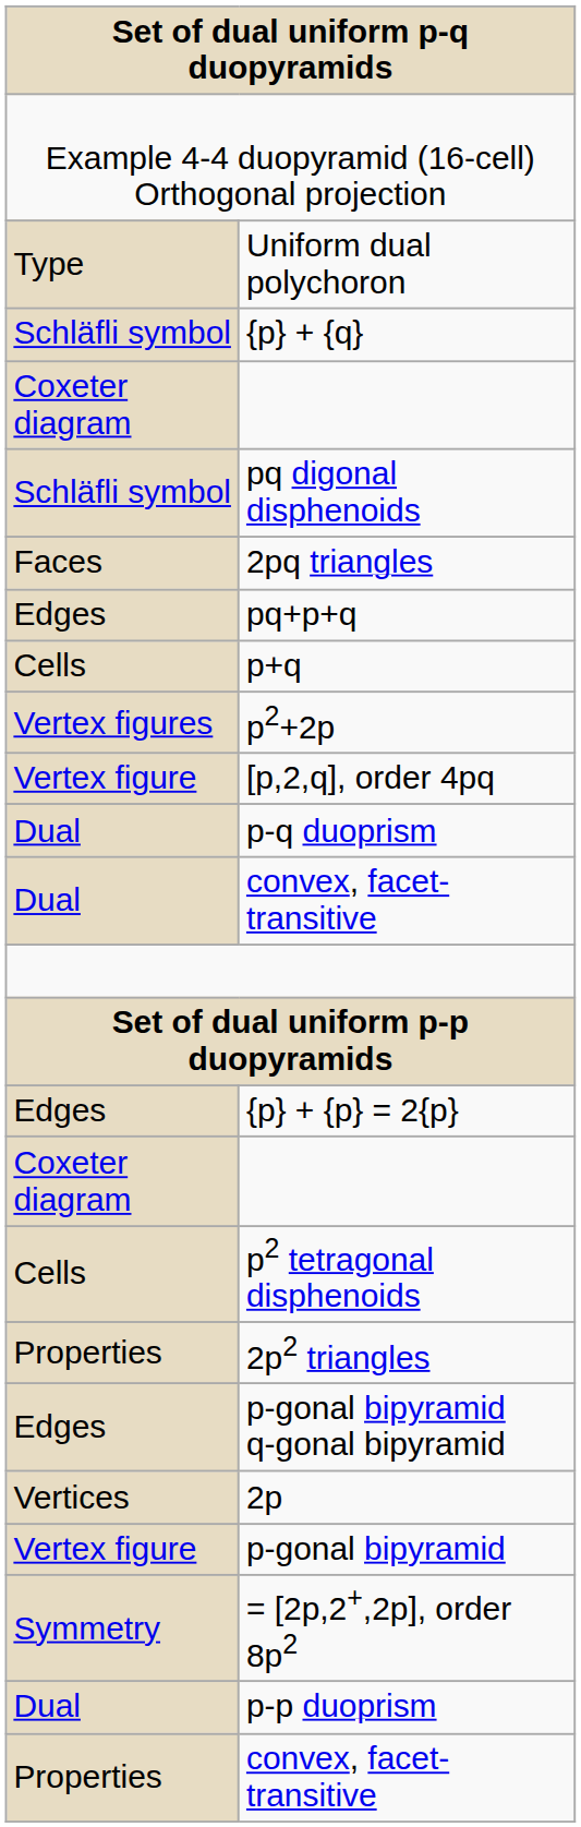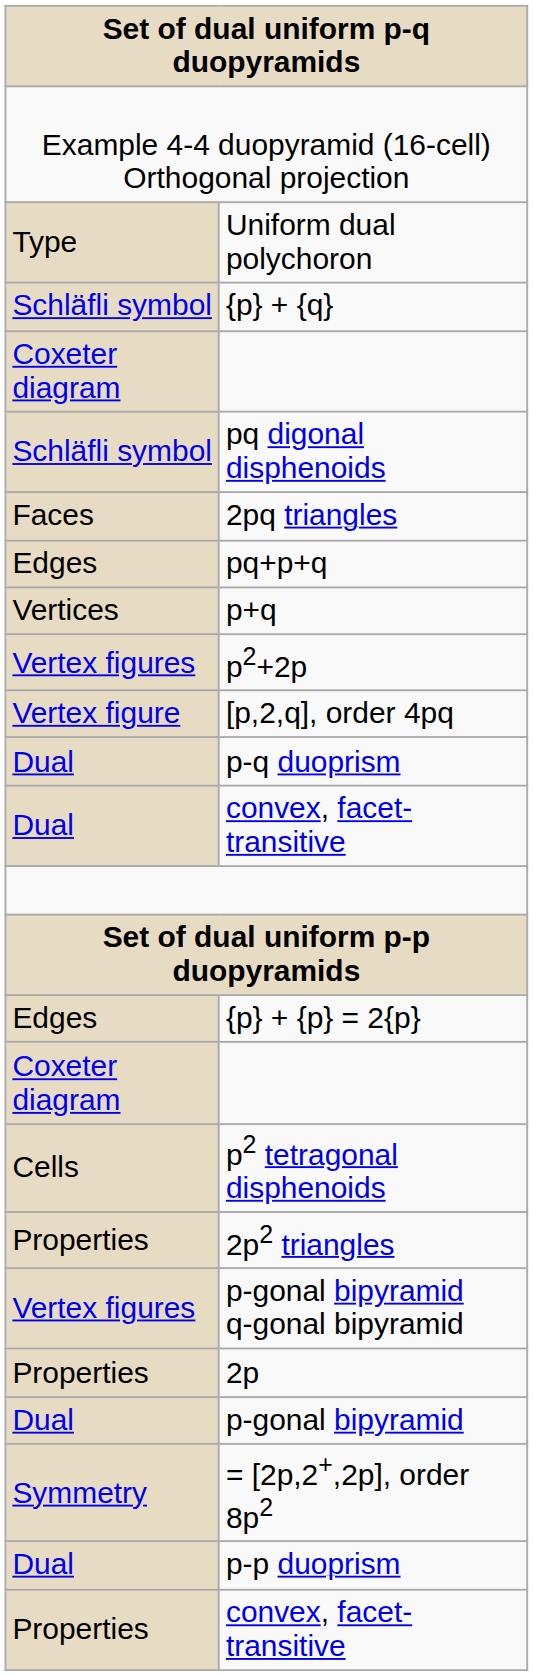 <table class="wikitable" align="right" style="margin-left:10px" width="280">
 <tr>
 <td bgcolor=#e7dcc3 colspan=2 align=center><strong>Set of dual uniform p-q duopyramids</strong></td>
 </tr>
 <tr>
 <td colspan=2 align=center><br>Example 4-4 duopyramid (16-cell)<br>Orthogonal projection</td>
 </tr>
 <tr>
 <td bgcolor=#e7dcc3>Type</td>
 <td>Uniform dual polychoron</td>
 </tr>
 <tr>
 <td bgcolor=#e7dcc3><a href='#'>Schläfli symbol</a></td>
 <td>{p} + {q}</td>
 </tr>
 <tr>
 <td bgcolor=#e7dcc3><a href='#'>Coxeter diagram</a></td>
 <td><br></td>
 </tr>
 <tr>
 <td bgcolor=#e7dcc3><a href='#'>Schläfli symbol</a></td>
 <td>pq <a href='#'>digonal disphenoids</a></td>
 </tr>
 <tr>
 <td bgcolor=#e7dcc3>Faces</td>
 <td>2pq <a href='#'>triangles</a></td>
 </tr>
 <tr>
 <td bgcolor=#e7dcc3>Edges</td>
 <td>pq+p+q</td>
 </tr>
 <tr>
-<td bgcolor=#e7dcc3>Cells</td>
+<td bgcolor=#e7dcc3>Vertices</td>
 <td>p+q</td>
 </tr>
 <tr>
 <td bgcolor=#e7dcc3><a href='#'>Vertex figures</a></td>
 <td>p<sup>2</sup>+2p</td>
 </tr>
 <tr>
 <td bgcolor=#e7dcc3><a href='#'>Vertex figure</a></td>
 <td>[p,2,q], order 4pq</td>
 </tr>
 <tr>
 <td bgcolor=#e7dcc3><a href='#'>Dual</a></td>
 <td>p-q <a href='#'>duoprism</a></td>
 </tr>
 <tr>
 <td bgcolor=#e7dcc3><a href='#'>Dual</a></td>
 <td><a href='#'>convex</a>, <a href='#'>facet-transitive</a></td>
 </tr>
 <tr>
 <td colspan=2> </td>
 </tr>
 <tr>
 <td bgcolor=#e7dcc3 colspan=2 align=center><strong>Set of dual uniform p-p duopyramids</strong></td>
 </tr>
 <tr>
 <td bgcolor=#e7dcc3>Edges</td>
 <td>{p} + {p} = 2{p}</td>
 </tr>
 <tr>
 <td bgcolor=#e7dcc3><a href='#'>Coxeter diagram</a></td>
 <td><br></td>
 </tr>
 <tr>
 <td bgcolor=#e7dcc3>Cells</td>
 <td>p<sup>2</sup> <a href='#'>tetragonal disphenoids</a></td>
 </tr>
 <tr>
 <td bgcolor=#e7dcc3>Properties</td>
 <td>2p<sup>2</sup> <a href='#'>triangles</a></td>
 </tr>
 <tr>
-<td bgcolor=#e7dcc3>Edges</td>
+<td bgcolor=#e7dcc3><a href='#'>Vertex figures</a></td>
 <td>p-gonal <a href='#'>bipyramid</a><br>q-gonal bipyramid</td>
 </tr>
 <tr>
-<td bgcolor=#e7dcc3>Vertices</td>
+<td bgcolor=#e7dcc3>Properties</td>
 <td>2p</td>
 </tr>
 <tr>
-<td bgcolor=#e7dcc3><a href='#'>Vertex figure</a></td>
+<td bgcolor=#e7dcc3><a href='#'>Dual</a></td>
 <td>p-gonal <a href='#'>bipyramid</a></td>
 </tr>
 <tr>
 <td bgcolor=#e7dcc3><a href='#'>Symmetry</a></td>
 <td> = [2p,2<sup>+</sup>,2p], order 8p<sup>2</sup></td>
 </tr>
 <tr>
 <td bgcolor=#e7dcc3><a href='#'>Dual</a></td>
 <td>p-p <a href='#'>duoprism</a></td>
 </tr>
 <tr>
 <td bgcolor=#e7dcc3>Properties</td>
 <td><a href='#'>convex</a>, <a href='#'>facet-transitive</a></td>
 </tr>
 </table>
